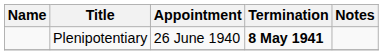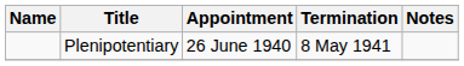 <table class="wikitable">
 <tr valign="middle">
 <th>Name</th>
 <th>Title</th>
 <th>Appointment</th>
 <th>Termination</th>
 <th>Notes</th>
 </tr>
 <tr>
 <td></td>
 <td>Plenipotentiary</td>
 <td>26 June 1940</td>
-<td><strong>8 May 1941</strong></td>
+<td>8 May 1941</td>
 <td></td>
 </tr>
 <tr>
 </tr>
 </table>
